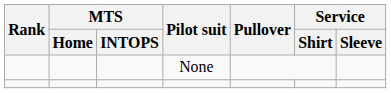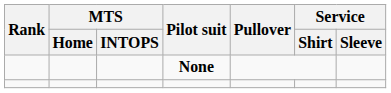 <table class="wikitable" style="text-align:center;">
 <tr>
 <th rowspan=2>Rank<br></th>
 <th colspan=2>MTS</th>
 <th rowspan=2>Pilot suit</th>
 <th rowspan=2>Pullover</th>
 <th colspan=2>Service</th>
 </tr>
 <tr>
 <th>Home</th>
 <th>INTOPS</th>
 <th>Shirt</th>
 <th>Sleeve</th>
 </tr>
 <tr>
 <td></td>
 <td></td>
 <td></td>
-<td>None</td>
+<td><strong>None</strong></td>
 <td colspan=2></td>
 <td></td>
 </tr>
 <tr>
 <td></td>
 <td></td>
 <td></td>
 <td></td>
 <td></td>
 <td></td>
 <td></td>
 </tr>
 </table>
